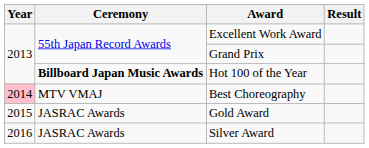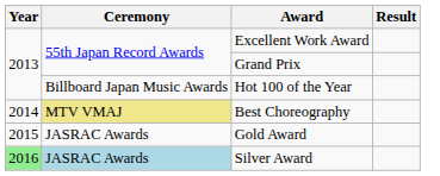 <table class="wikitable">
 <tr>
 <th>Year</th>
 <th>Ceremony</th>
 <th>Award</th>
 <th>Result</th>
 </tr>
 <tr>
 <td rowspan="3">2013</td>
 <td rowspan="2"><a href='#'>55th Japan Record Awards</a></td>
 <td>Excellent Work Award</td>
 <td></td>
 </tr>
 <tr>
 <td>Grand Prix</td>
 <td></td>
 </tr>
 <tr>
-<td><strong>Billboard Japan Music Awards</strong></td>
+<td>Billboard Japan Music Awards</td>
 <td>Hot 100 of the Year</td>
 <td></td>
 </tr>
 <tr>
-<td style="background: pink;">2014</td>
-<td>MTV VMAJ</td>
+<td>2014</td>
+<td style="background: khaki;">MTV VMAJ</td>
 <td>Best Choreography</td>
 <td></td>
 </tr>
 <tr>
 <td>2015</td>
 <td>JASRAC Awards</td>
 <td>Gold Award</td>
 <td></td>
 </tr>
 <tr>
-<td>2016</td>
-<td>JASRAC Awards</td>
+<td style="background: lightgreen;">2016</td>
+<td style="background: lightblue;">JASRAC Awards</td>
 <td>Silver Award</td>
 <td></td>
 </tr>
 </table>
